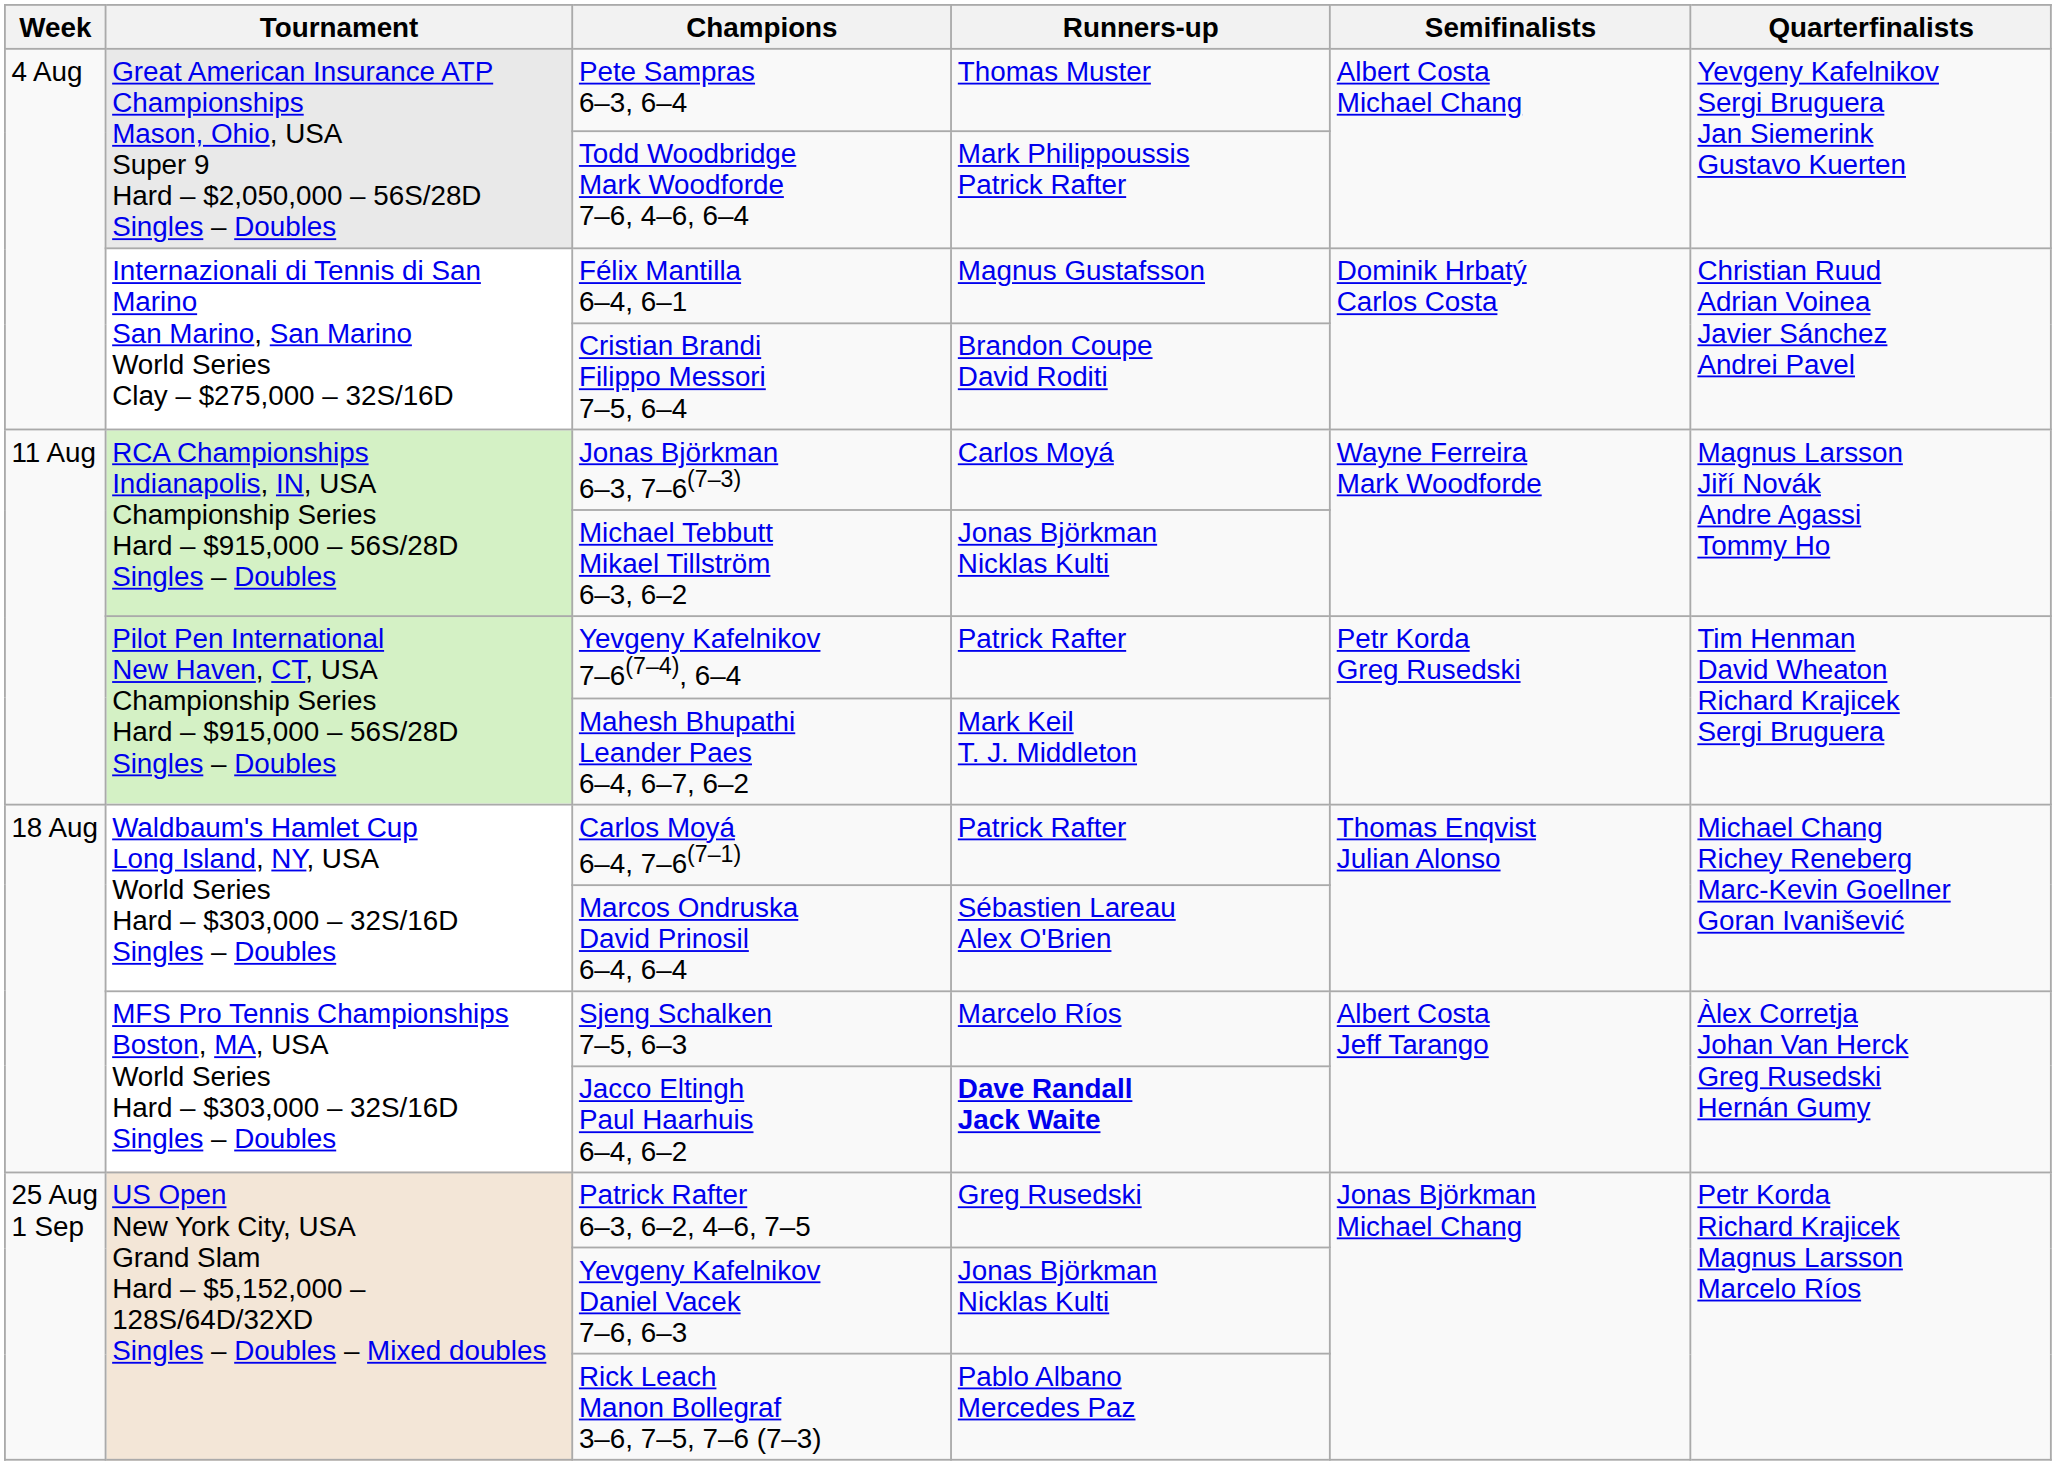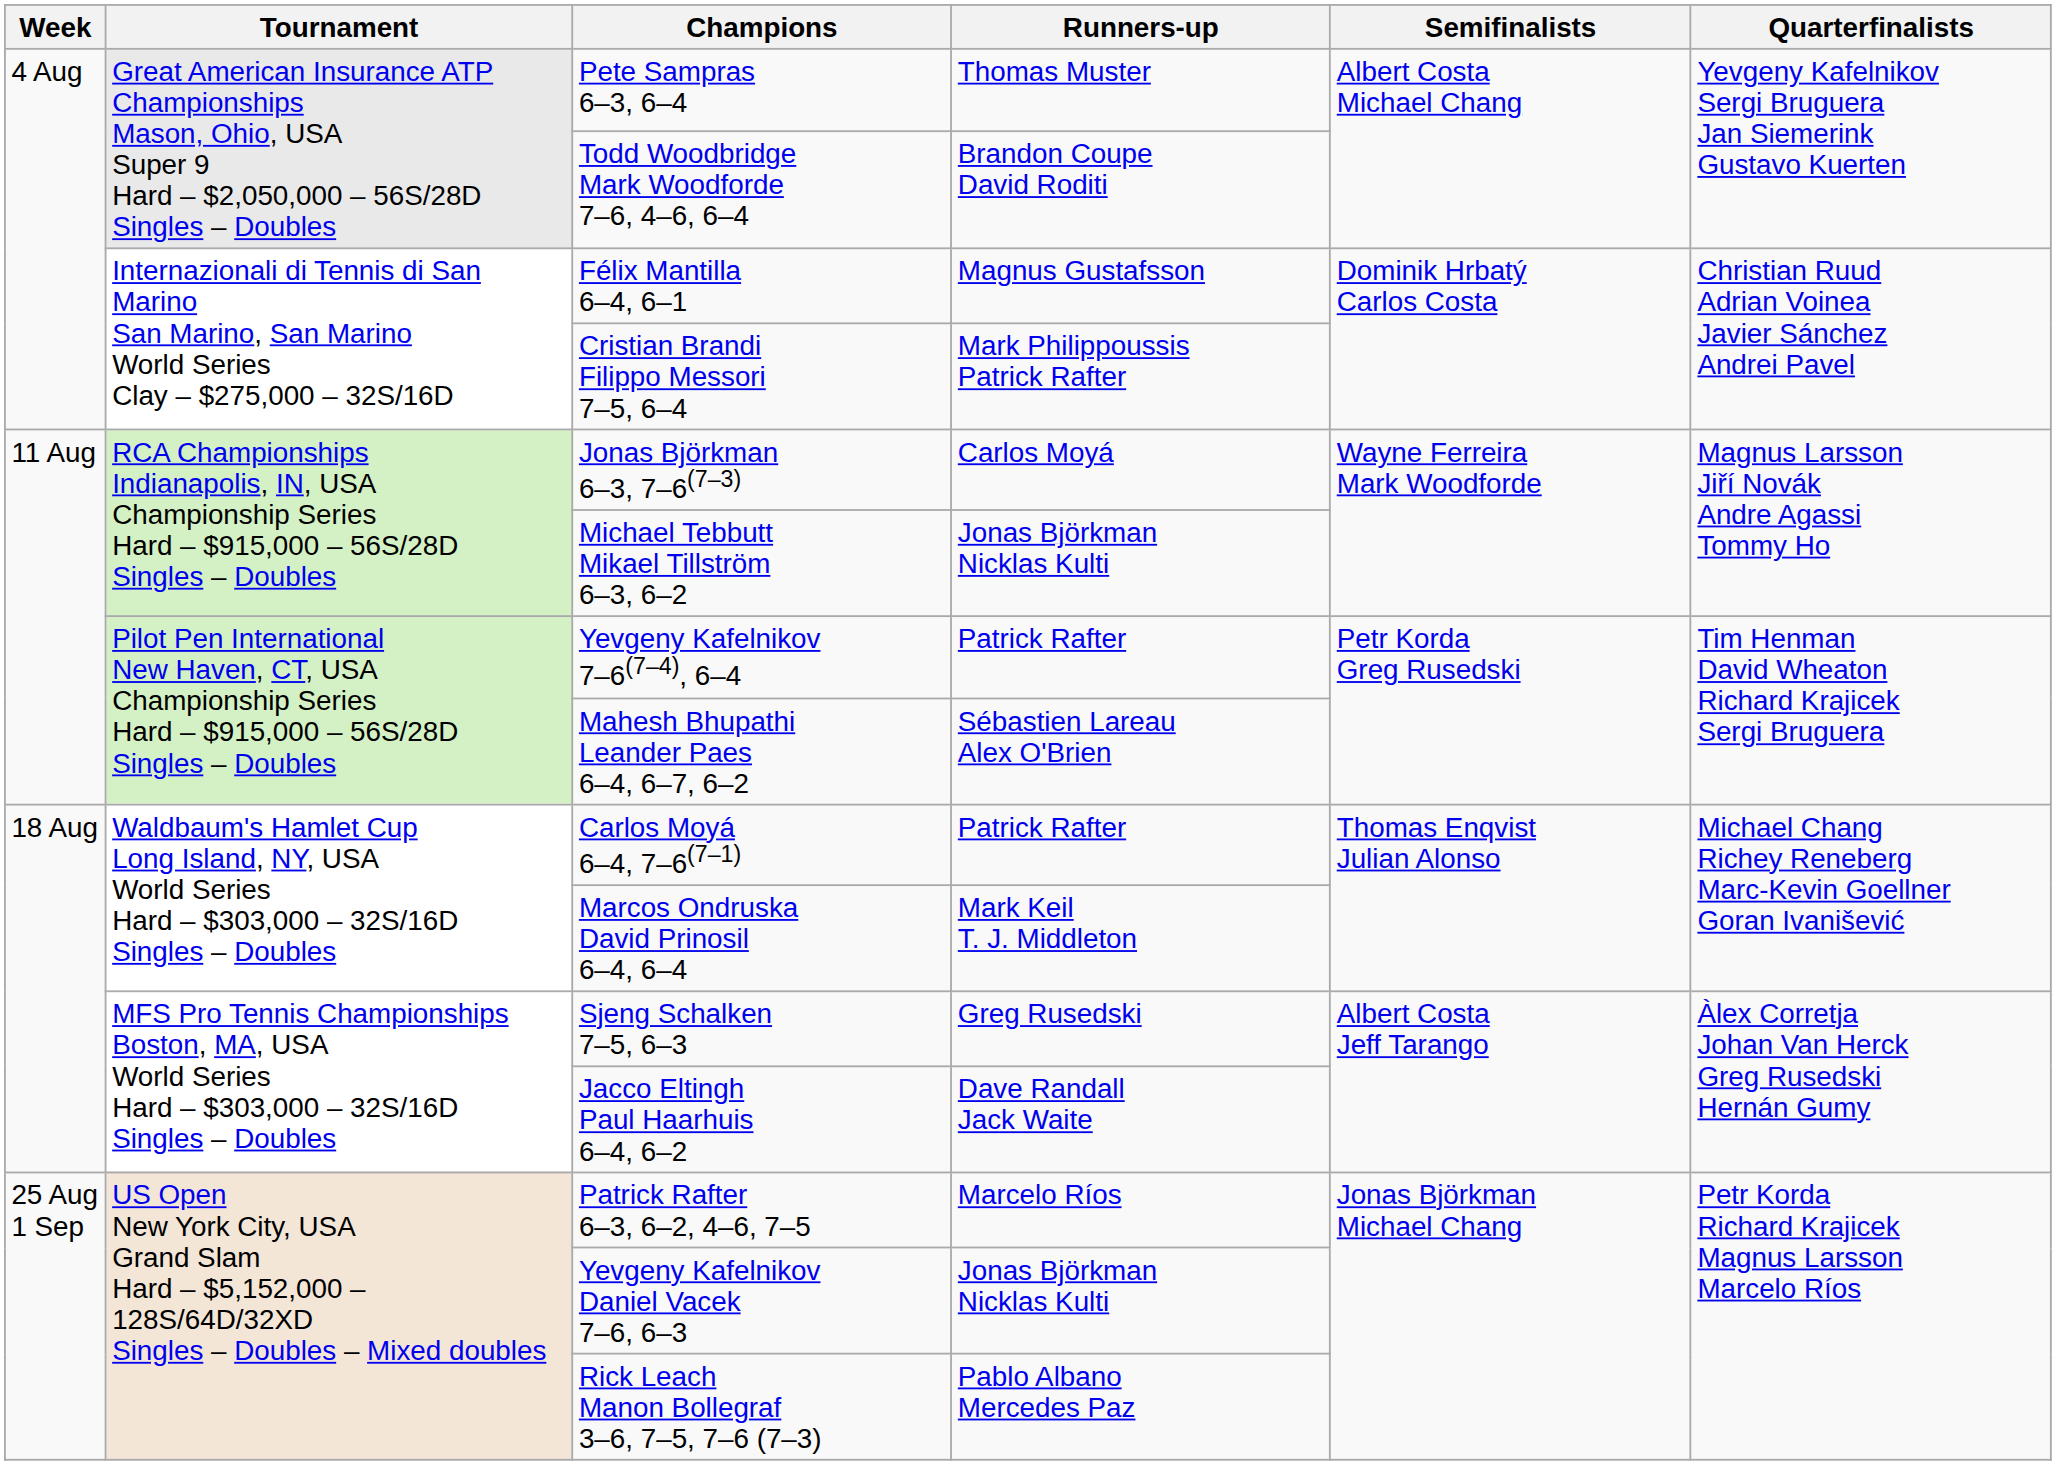 <table class=wikitable style=font-size:95%>
 <tr>
 <th style="width:48px;">Week</th>
 <th style="width:248px;">Tournament</th>
 <th style="width:200px;">Champions</th>
 <th style="width:200px;">Runners-up</th>
 <th style="width:190px;">Semifinalists</th>
 <th style="width:190px;">Quarterfinalists</th>
 </tr>
 <tr valign=top>
 <td rowspan=4>4 Aug</td>
 <td bgcolor="#E9E9E9" rowspan=2><a href='#'>Great American Insurance ATP Championships</a><br><a href='#'>Mason, Ohio</a>, USA<br>Super 9<br>Hard – $2,050,000 – 56S/28D <br> <a href='#'>Singles</a> – <a href='#'>Doubles</a></td>
 <td> <a href='#'>Pete Sampras</a><br> 6–3, 6–4</td>
 <td> <a href='#'>Thomas Muster</a></td>
 <td rowspan=2> <a href='#'>Albert Costa</a><br> <a href='#'>Michael Chang</a></td>
 <td rowspan=2> <a href='#'>Yevgeny Kafelnikov</a><br> <a href='#'>Sergi Bruguera</a><br> <a href='#'>Jan Siemerink</a><br> <a href='#'>Gustavo Kuerten</a></td>
 </tr>
 <tr valign=top>
 <td> <a href='#'>Todd Woodbridge</a><br> <a href='#'>Mark Woodforde</a><br> 7–6, 4–6, 6–4</td>
-<td> <a href='#'>Mark Philippoussis</a><br> <a href='#'>Patrick Rafter</a></td>
+<td> <a href='#'>Brandon Coupe</a><br> <a href='#'>David Roditi</a></td>
 </tr>
 <tr valign=top>
 <td style="background:#FFF;" rowspan=2><a href='#'>Internazionali di Tennis di San Marino</a><br><a href='#'>San Marino</a>, <a href='#'>San Marino</a><br>World Series<br>Clay – $275,000 – 32S/16D</td>
 <td> <a href='#'>Félix Mantilla</a><br> 6–4, 6–1</td>
 <td> <a href='#'>Magnus Gustafsson</a></td>
 <td rowspan=2> <a href='#'>Dominik Hrbatý</a><br> <a href='#'>Carlos Costa</a></td>
 <td rowspan=2> <a href='#'>Christian Ruud</a><br> <a href='#'>Adrian Voinea</a><br> <a href='#'>Javier Sánchez</a><br> <a href='#'>Andrei Pavel</a></td>
 </tr>
 <tr valign=top>
 <td> <a href='#'>Cristian Brandi</a><br> <a href='#'>Filippo Messori</a><br> 7–5, 6–4</td>
-<td> <a href='#'>Brandon Coupe</a><br> <a href='#'>David Roditi</a></td>
+<td> <a href='#'>Mark Philippoussis</a><br> <a href='#'>Patrick Rafter</a></td>
 </tr>
 <tr valign=top>
 <td rowspan=4>11 Aug</td>
 <td bgcolor="#D4F1C5" rowspan=2><a href='#'>RCA Championships</a><br><a href='#'>Indianapolis</a>, <a href='#'>IN</a>, USA<br>Championship Series<br>Hard – $915,000 – 56S/28D <br> <a href='#'>Singles</a> – <a href='#'>Doubles</a></td>
 <td> <a href='#'>Jonas Björkman</a><br> 6–3, 7–6<sup>(7–3)</sup></td>
 <td> <a href='#'>Carlos Moyá</a></td>
 <td rowspan=2> <a href='#'>Wayne Ferreira</a><br> <a href='#'>Mark Woodforde</a></td>
 <td rowspan=2> <a href='#'>Magnus Larsson</a><br> <a href='#'>Jiří Novák</a><br> <a href='#'>Andre Agassi</a><br> <a href='#'>Tommy Ho</a></td>
 </tr>
 <tr valign=top>
 <td> <a href='#'>Michael Tebbutt</a><br> <a href='#'>Mikael Tillström</a><br> 6–3, 6–2</td>
 <td> <a href='#'>Jonas Björkman</a><br> <a href='#'>Nicklas Kulti</a></td>
 </tr>
 <tr valign=top>
 <td bgcolor="#D4F1C5" rowspan=2><a href='#'>Pilot Pen International</a><br> <a href='#'>New Haven</a>, <a href='#'>CT</a>, USA<br>Championship Series<br>Hard – $915,000 – 56S/28D <br> <a href='#'>Singles</a> – <a href='#'>Doubles</a></td>
 <td> <a href='#'>Yevgeny Kafelnikov</a><br> 7–6<sup>(7–4)</sup>, 6–4</td>
 <td> <a href='#'>Patrick Rafter</a></td>
 <td rowspan=2> <a href='#'>Petr Korda</a><br> <a href='#'>Greg Rusedski</a></td>
 <td rowspan=2> <a href='#'>Tim Henman</a><br> <a href='#'>David Wheaton</a><br> <a href='#'>Richard Krajicek</a><br> <a href='#'>Sergi Bruguera</a></td>
 </tr>
 <tr valign=top>
 <td> <a href='#'>Mahesh Bhupathi</a><br> <a href='#'>Leander Paes</a><br> 6–4, 6–7, 6–2</td>
-<td> <a href='#'>Mark Keil</a><br> <a href='#'>T. J. Middleton</a></td>
+<td> <a href='#'>Sébastien Lareau</a><br> <a href='#'>Alex O'Brien</a></td>
 </tr>
 <tr valign=top>
 <td rowspan=4>18 Aug</td>
 <td style="background:#FFF;" rowspan=2><a href='#'>Waldbaum's Hamlet Cup</a><br><a href='#'>Long Island</a>, <a href='#'>NY</a>, USA<br>World Series<br>Hard – $303,000 – 32S/16D <br> <a href='#'>Singles</a> – <a href='#'>Doubles</a></td>
 <td> <a href='#'>Carlos Moyá</a><br> 6–4, 7–6<sup>(7–1)</sup></td>
 <td> <a href='#'>Patrick Rafter</a></td>
 <td rowspan=2> <a href='#'>Thomas Enqvist</a><br> <a href='#'>Julian Alonso</a></td>
 <td rowspan=2> <a href='#'>Michael Chang</a><br> <a href='#'>Richey Reneberg</a><br> <a href='#'>Marc-Kevin Goellner</a><br> <a href='#'>Goran Ivanišević</a></td>
 </tr>
 <tr valign=top>
 <td> <a href='#'>Marcos Ondruska</a><br> <a href='#'>David Prinosil</a><br> 6–4, 6–4</td>
-<td> <a href='#'>Sébastien Lareau</a><br> <a href='#'>Alex O'Brien</a></td>
+<td> <a href='#'>Mark Keil</a><br> <a href='#'>T. J. Middleton</a></td>
 </tr>
 <tr valign=top>
 <td style="background:#FFF;" rowspan=2><a href='#'>MFS Pro Tennis Championships</a><br><a href='#'>Boston</a>, <a href='#'>MA</a>, USA<br>World Series<br>Hard – $303,000 – 32S/16D <br> <a href='#'>Singles</a> – <a href='#'>Doubles</a></td>
 <td> <a href='#'>Sjeng Schalken</a><br> 7–5, 6–3</td>
-<td> <a href='#'>Marcelo Ríos</a></td>
+<td> <a href='#'>Greg Rusedski</a></td>
 <td rowspan=2> <a href='#'>Albert Costa</a><br> <a href='#'>Jeff Tarango</a></td>
 <td rowspan=2> <a href='#'>Àlex Corretja</a><br> <a href='#'>Johan Van Herck</a><br> <a href='#'>Greg Rusedski</a><br> <a href='#'>Hernán Gumy</a></td>
 </tr>
 <tr valign=top>
 <td> <a href='#'>Jacco Eltingh</a><br> <a href='#'>Paul Haarhuis</a><br> 6–4, 6–2</td>
-<td><strong> <a href='#'>Dave Randall</a><br> <a href='#'>Jack Waite</a></strong></td>
+<td> <a href='#'>Dave Randall</a><br> <a href='#'>Jack Waite</a></td>
 </tr>
 <tr valign=top>
 <td rowspan=3>25 Aug<br>1 Sep</td>
 <td bgcolor="#F3E6D7" rowspan=3><a href='#'>US Open</a><br> New York City, USA<br>Grand Slam<br>Hard – $5,152,000 – 128S/64D/32XD <br> <a href='#'>Singles</a> – <a href='#'>Doubles</a> – <a href='#'>Mixed doubles</a></td>
 <td> <a href='#'>Patrick Rafter</a><br>6–3, 6–2, 4–6, 7–5</td>
-<td> <a href='#'>Greg Rusedski</a></td>
+<td> <a href='#'>Marcelo Ríos</a></td>
 <td rowspan=3> <a href='#'>Jonas Björkman</a> <br>  <a href='#'>Michael Chang</a></td>
 <td rowspan=3> <a href='#'>Petr Korda</a> <br>  <a href='#'>Richard Krajicek</a> <br>  <a href='#'>Magnus Larsson</a> <br>  <a href='#'>Marcelo Ríos</a></td>
 </tr>
 <tr valign=top>
 <td> <a href='#'>Yevgeny Kafelnikov</a><br> <a href='#'>Daniel Vacek</a><br> 7–6, 6–3</td>
 <td> <a href='#'>Jonas Björkman</a><br> <a href='#'>Nicklas Kulti</a></td>
 </tr>
 <tr valign=top>
 <td> <a href='#'>Rick Leach</a><br> <a href='#'>Manon Bollegraf</a><br> 3–6, 7–5, 7–6 (7–3)</td>
 <td> <a href='#'>Pablo Albano</a><br> <a href='#'>Mercedes Paz</a></td>
 </tr>
 </table>
